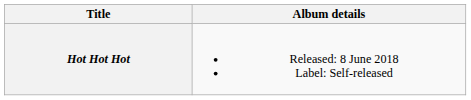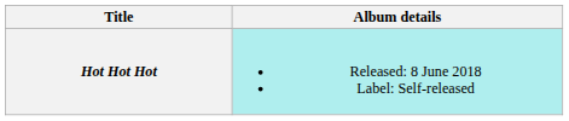 <table class="wikitable plainrowheaders" style="text-align:center;">
 <tr>
 <th scope="col" rowspan="1" style="width:15em;">Title</th>
 <th scope="col" rowspan="1" style="width:22em;">Album details</th>
 </tr>
 <tr>
 <th scope="row"><em>Hot Hot Hot</em></th>
-<td><br><ul><li>Released: 8 June 2018</li><li>Label: Self-released</li></ul></td>
+<td style="background: paleturquoise;"><br><ul><li>Released: 8 June 2018</li><li>Label: Self-released</li></ul></td>
 </tr>
 </table>
